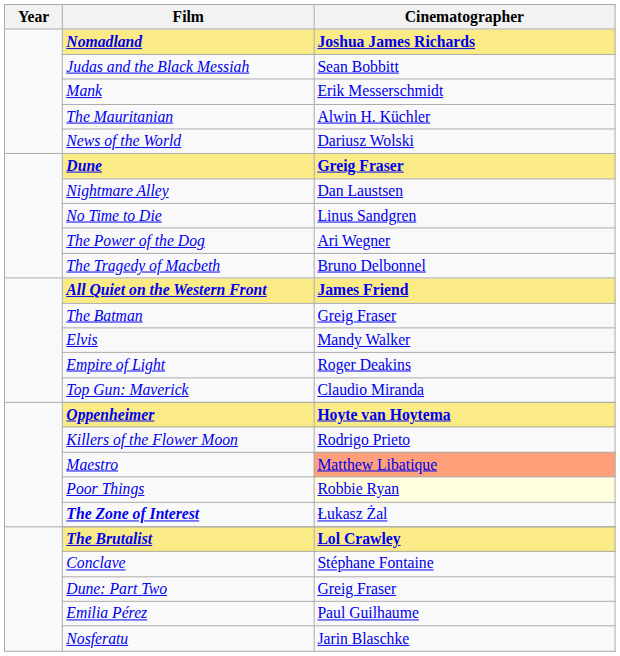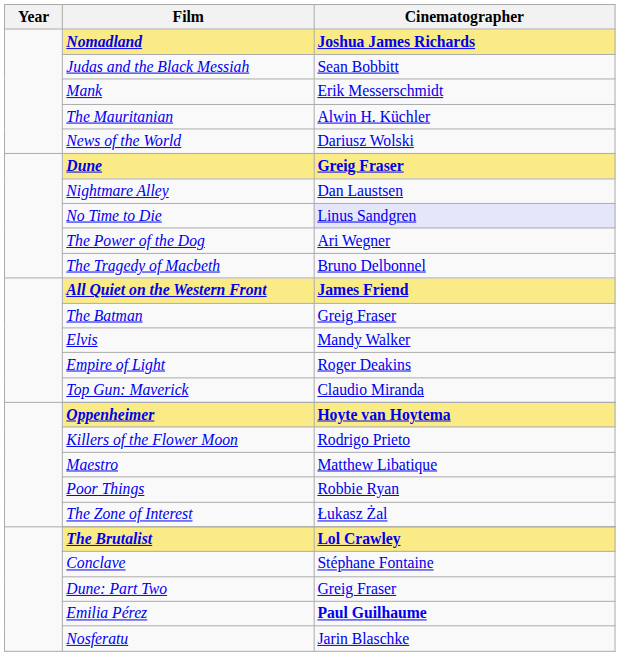 <table class="wikitable" style="width:100%;" cellpadding="5">
 <tr>
 <th style="width:5%;">Year</th>
 <th style="width:25%;">Film</th>
 <th style="width:30%;">Cinematographer</th>
 </tr>
 <tr>
 <td rowspan="5"></td>
 <td style="background:#FAEB86"><strong><em><a href='#'>Nomadland</a></em></strong></td>
 <td style="background:#FAEB86"><strong><a href='#'>Joshua James Richards</a></strong></td>
 </tr>
 <tr>
 <td><em><a href='#'>Judas and the Black Messiah</a></em></td>
 <td><a href='#'>Sean Bobbitt</a></td>
 </tr>
 <tr>
 <td><em><a href='#'>Mank</a></em></td>
 <td><a href='#'>Erik Messerschmidt</a></td>
 </tr>
 <tr>
 <td><em><a href='#'>The Mauritanian</a></em></td>
 <td><a href='#'>Alwin H. Küchler</a></td>
 </tr>
 <tr>
 <td><em><a href='#'>News of the World</a></em></td>
 <td><a href='#'>Dariusz Wolski</a></td>
 </tr>
 <tr>
 <td rowspan="5"></td>
 <td style="background:#FAEB86"><strong><em><a href='#'>Dune</a></em></strong></td>
 <td style="background:#FAEB86"><strong><a href='#'>Greig Fraser</a></strong></td>
 </tr>
 <tr>
 <td><em><a href='#'>Nightmare Alley</a></em></td>
 <td><a href='#'>Dan Laustsen</a></td>
 </tr>
 <tr>
 <td><em><a href='#'>No Time to Die</a></em></td>
-<td><a href='#'>Linus Sandgren</a></td>
+<td style="background: lavender;"><a href='#'>Linus Sandgren</a></td>
 </tr>
 <tr>
 <td><em><a href='#'>The Power of the Dog</a></em></td>
 <td><a href='#'>Ari Wegner</a></td>
 </tr>
 <tr>
 <td><em><a href='#'>The Tragedy of Macbeth</a></em></td>
 <td><a href='#'>Bruno Delbonnel</a></td>
 </tr>
 <tr>
 <td rowspan="5"></td>
 <td style="background:#FAEB86"><strong><em><a href='#'>All Quiet on the Western Front</a></em></strong></td>
 <td style="background:#FAEB86"><strong><a href='#'>James Friend</a></strong></td>
 </tr>
 <tr>
 <td><em><a href='#'>The Batman</a></em></td>
 <td><a href='#'>Greig Fraser</a></td>
 </tr>
 <tr>
 <td><em><a href='#'>Elvis</a></em></td>
 <td><a href='#'>Mandy Walker</a></td>
 </tr>
 <tr>
 <td><em><a href='#'>Empire of Light</a></em></td>
 <td><a href='#'>Roger Deakins</a></td>
 </tr>
 <tr>
 <td><em><a href='#'>Top Gun: Maverick</a></em></td>
 <td><a href='#'>Claudio Miranda</a></td>
 </tr>
 <tr>
 <td rowspan="6"></td>
 </tr>
 <tr>
 <td style="background:#FAEB86"><strong><em><a href='#'>Oppenheimer</a></em></strong></td>
 <td style="background:#FAEB86"><strong><a href='#'>Hoyte van Hoytema</a></strong></td>
 </tr>
 <tr>
 <td><em><a href='#'>Killers of the Flower Moon</a></em></td>
 <td><a href='#'>Rodrigo Prieto</a></td>
 </tr>
 <tr>
 <td><em><a href='#'>Maestro</a></em></td>
-<td style="background: lightsalmon;"><a href='#'>Matthew Libatique</a></td>
+<td><a href='#'>Matthew Libatique</a></td>
 </tr>
 <tr>
 <td><em><a href='#'>Poor Things</a></em></td>
-<td style="background: lightyellow;"><a href='#'>Robbie Ryan</a></td>
+<td><a href='#'>Robbie Ryan</a></td>
 </tr>
 <tr>
-<td><strong><em><a href='#'>The Zone of Interest</a></em></strong></td>
+<td><em><a href='#'>The Zone of Interest</a></em></td>
 <td><a href='#'>Łukasz Żal</a></td>
 </tr>
 <tr>
 <td rowspan="6"></td>
 </tr>
 <tr>
 <td style="background:#FAEB86"><strong><em><a href='#'>The Brutalist</a></em></strong></td>
 <td style="background:#FAEB86"><strong><a href='#'>Lol Crawley</a></strong></td>
 </tr>
 <tr>
 <td><em><a href='#'>Conclave</a></em></td>
 <td><a href='#'>Stéphane Fontaine</a></td>
 </tr>
 <tr>
 <td><em><a href='#'>Dune: Part Two</a></em></td>
 <td><a href='#'>Greig Fraser</a></td>
 </tr>
 <tr>
 <td><em><a href='#'>Emilia Pérez</a></em></td>
-<td><a href='#'>Paul Guilhaume</a></td>
+<td><strong><a href='#'>Paul Guilhaume</a></strong></td>
 </tr>
 <tr>
 <td><em><a href='#'>Nosferatu</a></em></td>
 <td><a href='#'>Jarin Blaschke</a></td>
 </tr>
 </table>
